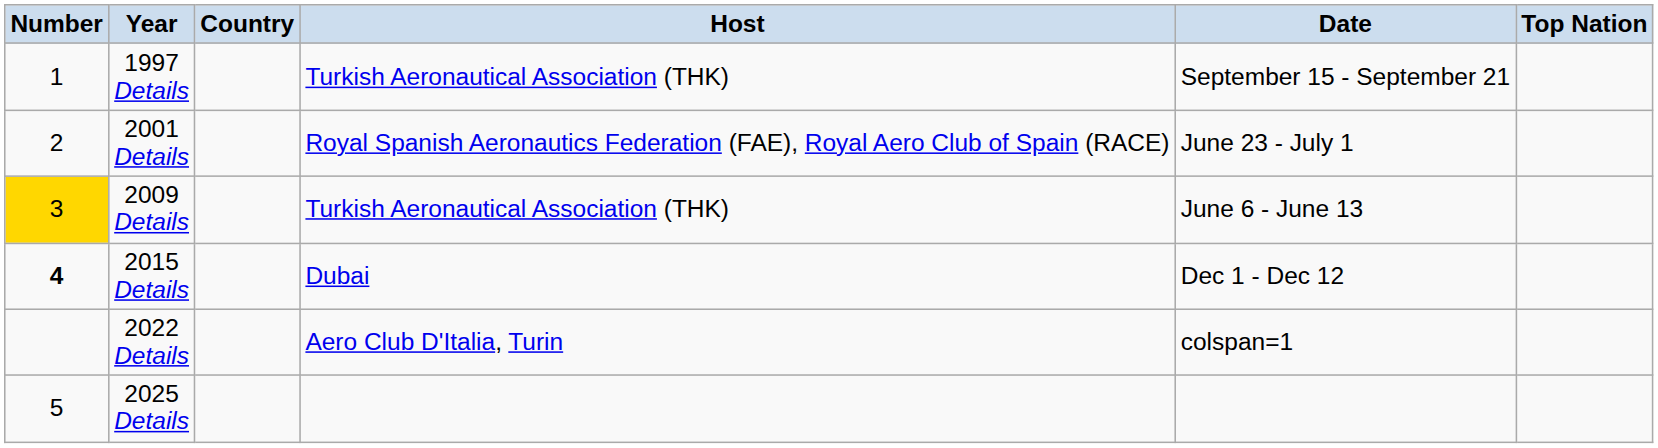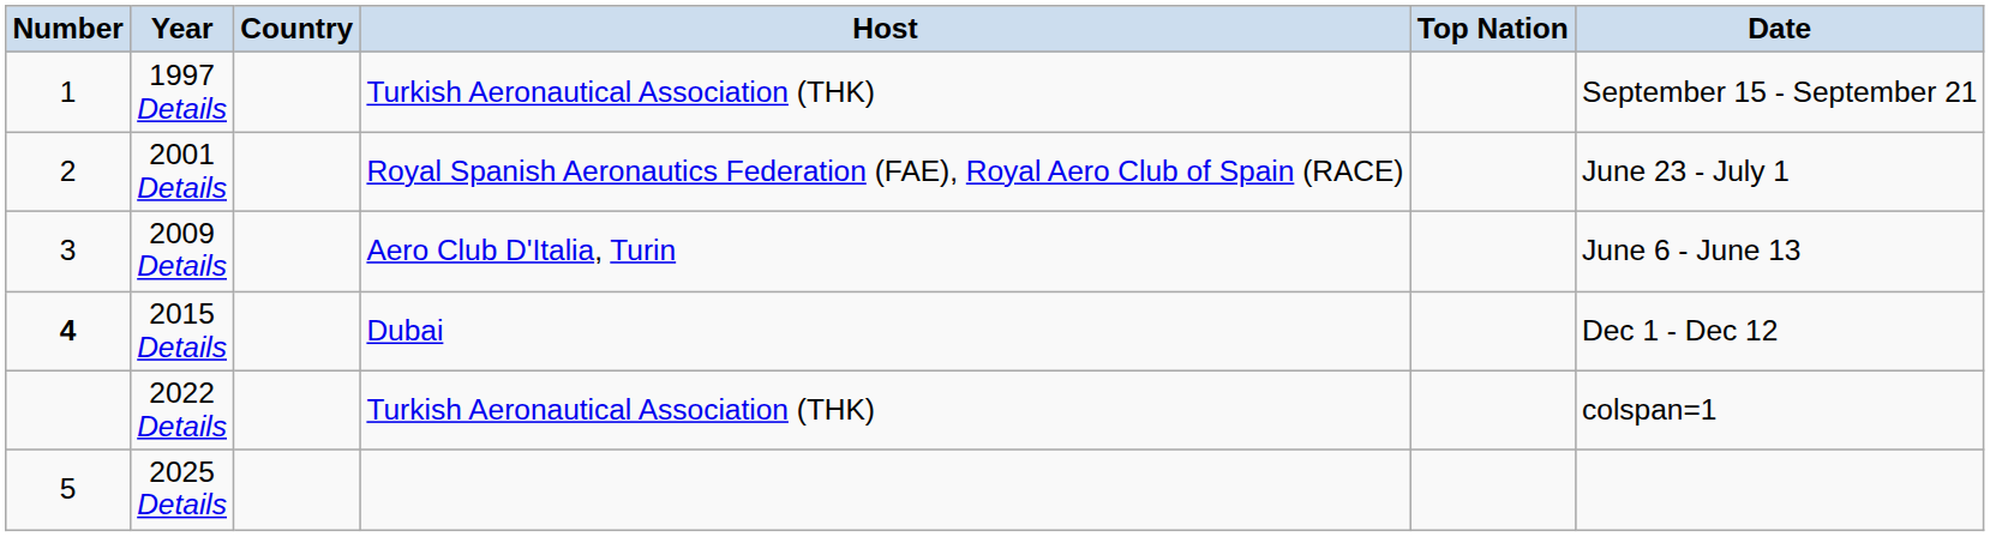 <table class="wikitable">
 <tr>
 <th style="background:#cde;">Number</th>
 <th style="background:#cde;">Year</th>
 <th style="background:#cde;">Country</th>
 <th style="background:#cde;">Host</th>
+<th style="background:#cde;">Top Nation</th>
 <th style="background:#cde;">Date</th>
-<th style="background:#cde;">Top Nation</th>
 </tr>
 <tr>
 <td align=center>1</td>
 <td align=center>1997<br><em><a href='#'>Details</a></em></td>
 <td></td>
 <td><a href='#'>Turkish Aeronautical Association</a> (THK)</td>
+<td></td>
 <td>September 15 - September 21</td>
-<td></td>
 </tr>
 <tr>
 <td align=center>2</td>
 <td align=center>2001<br><em><a href='#'>Details</a></em></td>
 <td></td>
 <td><a href='#'>Royal Spanish Aeronautics Federation</a> (FAE), <a href='#'>Royal Aero Club of Spain</a> (RACE)</td>
+<td></td>
 <td>June 23 - July 1</td>
-<td></td>
 </tr>
 <tr>
-<td align=center style="background: gold;">3</td>
+<td align=center>3</td>
 <td align=center>2009<br><em><a href='#'>Details</a></em></td>
 <td></td>
-<td><a href='#'>Turkish Aeronautical Association</a> (THK)</td>
+<td><a href='#'>Aero Club D'Italia</a>, <a href='#'>Turin</a></td>
+<td> </td>
 <td>June 6 - June 13</td>
-<td> </td>
 </tr>
 <tr>
 <td align=center><strong>4</strong></td>
 <td align=center>2015<br><em><a href='#'>Details</a></em></td>
 <td></td>
 <td><a href='#'>Dubai</a></td>
+<td></td>
 <td>Dec 1 - Dec 12</td>
-<td></td>
 </tr>
 <tr>
 <td align=center></td>
 <td align=center>2022<br><em><a href='#'>Details</a></em></td>
 <td></td>
-<td><a href='#'>Aero Club D'Italia</a>, <a href='#'>Turin</a></td>
+<td><a href='#'>Turkish Aeronautical Association</a> (THK)</td>
+<td></td>
 <td>colspan=1 </td>
-<td></td>
 </tr>
 <tr>
 <td align=center>5</td>
 <td align=center>2025<br><em><a href='#'>Details</a></em></td>
 <td></td>
 <td></td>
 <td></td>
 <td></td>
 </tr>
 </table>
